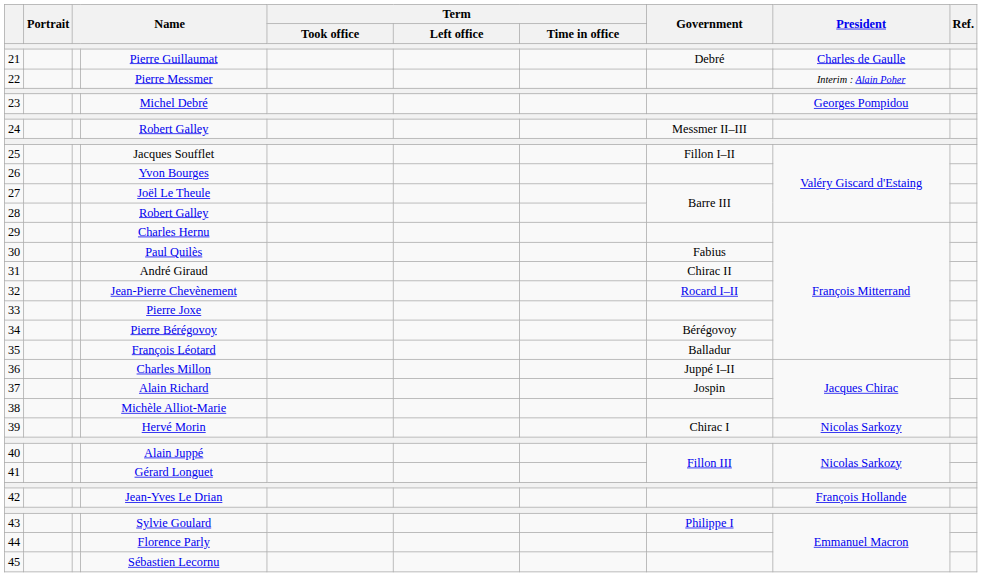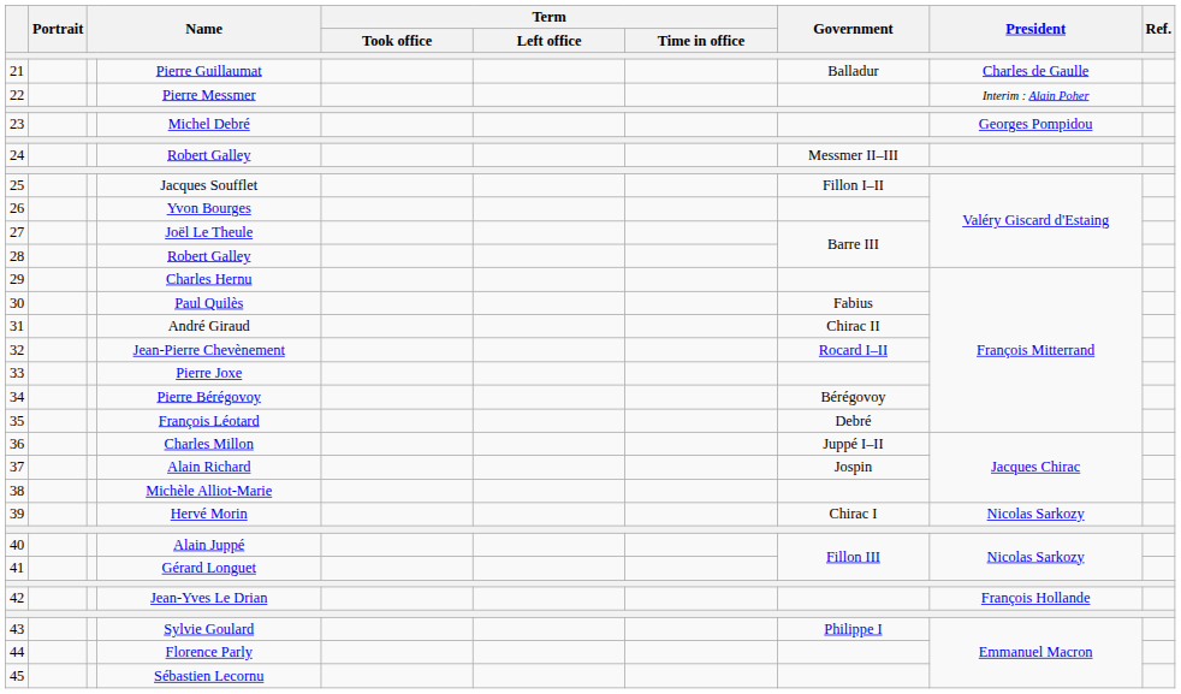 <table class="wikitable" style="text-align:center; width:100%">
 <tr>
 <th style="width:2%" rowspan=2></th>
 <th style="width:5%" rowspan=2>Portrait</th>
 <th style="width:20%" rowspan=2, colspan=2>Name</th>
 <th colspan=3>Term</th>
 <th style="width:13%" rowspan=2>Government</th>
 <th rowspan=2><a href='#'>President</a></th>
 <th style="width:2%" rowspan=2>Ref.</th>
 </tr>
 <tr>
 <th style="width:13%">Took office</th>
 <th style="width:13%">Left office</th>
 <th style="width:13%">Time in office</th>
 </tr>
 <tr>
 <th colspan=10></th>
 </tr>
 <tr>
 <td>21</td>
 <td></td>
 <td style="background:"></td>
 <td><a href='#'>Pierre Guillaumat</a></td>
 <td></td>
 <td></td>
 <td></td>
-<td>Debré</td>
+<td>Balladur</td>
 <td rowspan=2><a href='#'>Charles de Gaulle</a></td>
 <td></td>
 </tr>
 <tr>
 <td rowspan=2>22</td>
 <td rowspan=2></td>
 <td rowspan=2 style="background:"></td>
 <td rowspan=2><a href='#'>Pierre Messmer</a></td>
 <td rowspan=2></td>
 <td rowspan=2></td>
 <td rowspan=2></td>
 <td rowspan=2></td>
 <td rowspan=2></td>
 </tr>
 <tr>
 <td><small><em>Interim : <a href='#'>Alain Poher</a></em></small></td>
 </tr>
 <tr>
 <th colspan=10></th>
 </tr>
 <tr>
 <td>23</td>
 <td></td>
 <td style="background:"></td>
 <td><a href='#'>Michel Debré</a></td>
 <td></td>
 <td></td>
 <td></td>
 <td></td>
 <td><a href='#'>Georges Pompidou</a></td>
 <td></td>
 </tr>
 <tr>
 <th colspan=10></th>
 </tr>
 <tr>
 <td>24</td>
 <td></td>
 <td style="background:"></td>
 <td><a href='#'>Robert Galley</a></td>
 <td></td>
 <td></td>
 <td></td>
 <td>Messmer II–III</td>
 <td></td>
 <td></td>
 </tr>
 <tr>
 <th colspan=10></th>
 </tr>
 <tr>
 <td>25</td>
 <td></td>
 <td style="background:"></td>
 <td>Jacques Soufflet</td>
 <td></td>
 <td></td>
 <td></td>
 <td>Fillon I–II</td>
 <td rowspan=4><a href='#'>Valéry Giscard d'Estaing</a></td>
 <td></td>
 </tr>
 <tr>
 <td>26</td>
 <td></td>
 <td style="background:"></td>
 <td><a href='#'>Yvon Bourges</a></td>
 <td></td>
 <td></td>
 <td></td>
 <td></td>
 <td></td>
 </tr>
 <tr>
 <td>27</td>
 <td></td>
 <td style="background:"></td>
 <td><a href='#'>Joël Le Theule</a></td>
 <td></td>
 <td></td>
 <td></td>
 <td rowspan=2>Barre III</td>
 <td></td>
 </tr>
 <tr>
 <td>28</td>
 <td></td>
 <td style="background:"></td>
 <td><a href='#'>Robert Galley</a></td>
 <td></td>
 <td></td>
 <td></td>
 <td></td>
 </tr>
 <tr>
 <td>29</td>
 <td></td>
 <td style="background:"></td>
 <td><a href='#'>Charles Hernu</a></td>
 <td></td>
 <td></td>
 <td></td>
 <td></td>
 <td rowspan=7><a href='#'>François Mitterrand</a></td>
 <td></td>
 </tr>
 <tr>
 <td>30</td>
 <td></td>
 <td style="background:"></td>
 <td><a href='#'>Paul Quilès</a></td>
 <td></td>
 <td></td>
 <td></td>
 <td>Fabius</td>
 <td></td>
 </tr>
 <tr>
 <td>31</td>
 <td></td>
 <td style="background:"></td>
 <td>André Giraud</td>
 <td></td>
 <td></td>
 <td></td>
 <td>Chirac II</td>
 <td></td>
 </tr>
 <tr>
 <td>32</td>
 <td></td>
 <td style="background:"></td>
 <td><a href='#'>Jean-Pierre Chevènement</a></td>
 <td></td>
 <td></td>
 <td></td>
 <td><a href='#'>Rocard I–II</a></td>
 <td></td>
 </tr>
 <tr>
 <td>33</td>
 <td></td>
 <td style="background:"></td>
 <td><a href='#'>Pierre Joxe</a></td>
 <td></td>
 <td></td>
 <td></td>
 <td></td>
 <td></td>
 </tr>
 <tr>
 <td>34</td>
 <td></td>
 <td style="background:"></td>
 <td><a href='#'>Pierre Bérégovoy</a></td>
 <td></td>
 <td></td>
 <td></td>
 <td>Bérégovoy</td>
 <td></td>
 </tr>
 <tr>
 <td>35</td>
 <td></td>
 <td style="background:"></td>
 <td><a href='#'>François Léotard</a></td>
 <td></td>
 <td></td>
 <td></td>
-<td>Balladur</td>
+<td>Debré</td>
 <td></td>
 </tr>
 <tr>
 <td>36</td>
 <td></td>
 <td style="background:"></td>
 <td><a href='#'>Charles Millon</a></td>
 <td></td>
 <td></td>
 <td></td>
 <td>Juppé I–II</td>
 <td rowspan=3><a href='#'>Jacques Chirac</a></td>
 <td></td>
 </tr>
 <tr>
 <td>37</td>
 <td></td>
 <td style="background:"></td>
 <td><a href='#'>Alain Richard</a></td>
 <td></td>
 <td></td>
 <td></td>
 <td>Jospin</td>
 <td></td>
 </tr>
 <tr>
 <td>38</td>
 <td></td>
 <td style="background:"></td>
 <td><a href='#'>Michèle Alliot-Marie</a></td>
 <td></td>
 <td></td>
 <td></td>
 <td></td>
 <td></td>
 </tr>
 <tr>
 <td>39</td>
 <td></td>
 <td style="background:"></td>
 <td><a href='#'>Hervé Morin</a></td>
 <td></td>
 <td></td>
 <td></td>
 <td>Chirac I</td>
 <td><a href='#'>Nicolas Sarkozy</a></td>
 <td></td>
 </tr>
 <tr>
 <th colspan=10></th>
 </tr>
 <tr>
 <td>40</td>
 <td></td>
 <td style="background:"></td>
 <td><a href='#'>Alain Juppé</a></td>
 <td></td>
 <td></td>
 <td></td>
 <td rowspan=2><a href='#'>Fillon III</a></td>
 <td rowspan=2><a href='#'>Nicolas Sarkozy</a></td>
 <td></td>
 </tr>
 <tr>
 <td>41</td>
 <td></td>
 <td style="background:"></td>
 <td><a href='#'>Gérard Longuet</a></td>
 <td></td>
 <td></td>
 <td></td>
 <td></td>
 </tr>
 <tr>
 <th colspan=10></th>
 </tr>
 <tr>
 <td>42</td>
 <td></td>
 <td style="background:"></td>
 <td><a href='#'>Jean-Yves Le Drian</a></td>
 <td></td>
 <td></td>
 <td></td>
 <td></td>
 <td><a href='#'>François Hollande</a></td>
 <td></td>
 </tr>
 <tr>
 <th colspan=10></th>
 </tr>
 <tr>
 <td>43</td>
 <td></td>
 <td style="background:"></td>
 <td><a href='#'>Sylvie Goulard</a></td>
 <td></td>
 <td></td>
 <td></td>
 <td><a href='#'>Philippe I</a></td>
 <td rowspan=3><a href='#'>Emmanuel Macron</a></td>
 <td></td>
 </tr>
 <tr>
 <td>44</td>
 <td></td>
 <td style="background:"></td>
 <td><a href='#'>Florence Parly</a></td>
 <td></td>
 <td></td>
 <td></td>
 <td></td>
 <td></td>
 </tr>
 <tr>
 <td>45</td>
 <td></td>
 <td style="background:"></td>
 <td><a href='#'>Sébastien Lecornu</a></td>
 <td></td>
 <td></td>
 <td></td>
 <td></td>
 <td></td>
 </tr>
 </table>
